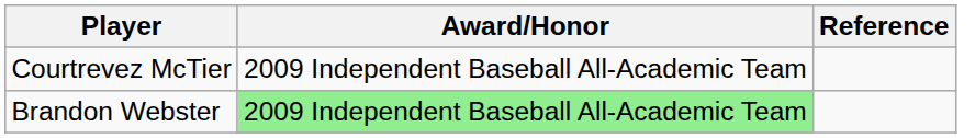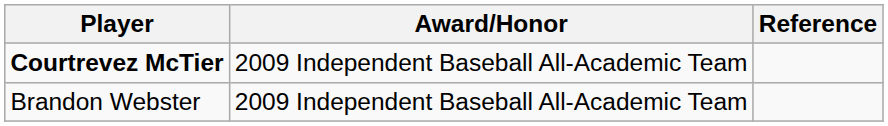 <table class="wikitable">
 <tr>
 <th>Player</th>
 <th>Award/Honor</th>
 <th align=center>Reference</th>
 </tr>
 <tr>
-<td>Courtrevez McTier</td>
+<td><strong>Courtrevez McTier</strong></td>
 <td>2009 Independent Baseball All-Academic Team</td>
 <td></td>
 </tr>
 <tr>
 <td>Brandon Webster</td>
-<td style="background: lightgreen;">2009 Independent Baseball All-Academic Team</td>
+<td>2009 Independent Baseball All-Academic Team</td>
 <td></td>
 </tr>
 </table>
